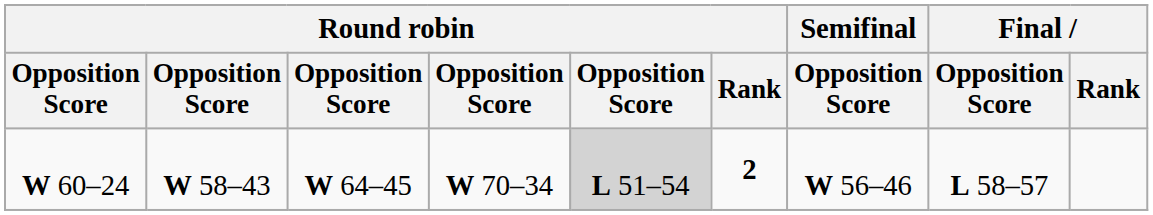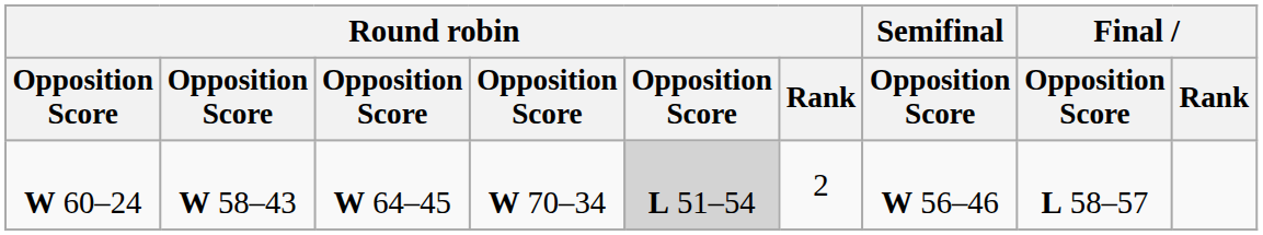 <table class="wikitable" style="font-size:90%">
 <tr>
 <th colspan=6>Round robin</th>
 <th>Semifinal</th>
 <th colspan=2>Final / </th>
 </tr>
 <tr style="font-size:95%">
 <th>Opposition<br>Score</th>
 <th>Opposition<br>Score</th>
 <th>Opposition<br>Score</th>
 <th>Opposition<br>Score</th>
 <th>Opposition<br>Score</th>
 <th>Rank</th>
 <th>Opposition<br>Score</th>
 <th>Opposition<br>Score</th>
 <th>Rank</th>
 </tr>
 <tr align=center>
 <td><br><strong>W</strong> 60–24</td>
 <td><br><strong>W</strong> 58–43</td>
 <td><br><strong>W</strong> 64–45</td>
 <td><br><strong>W</strong> 70–34</td>
 <td style="background: lightgrey;"><br><strong>L</strong> 51–54</td>
-<td><strong>2</strong></td>
+<td>2</td>
 <td><br><strong>W</strong> 56–46</td>
 <td><br><strong>L</strong> 58–57</td>
 <td></td>
 </tr>
 </table>
